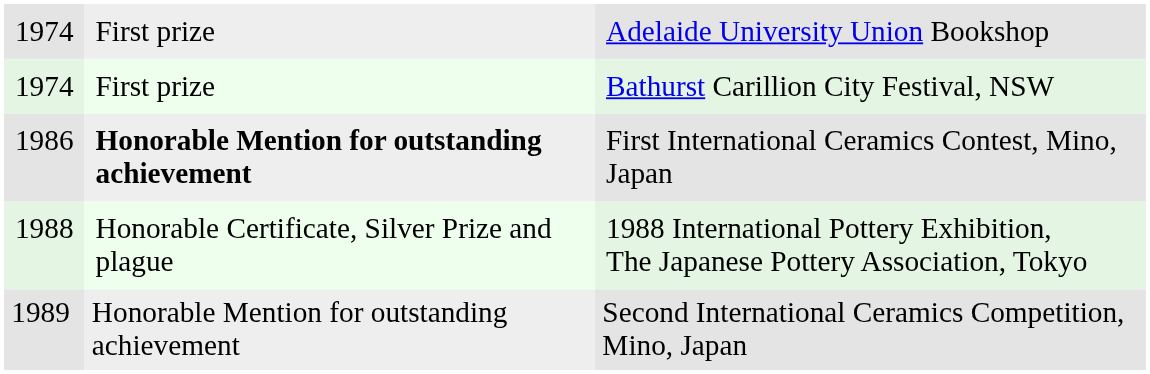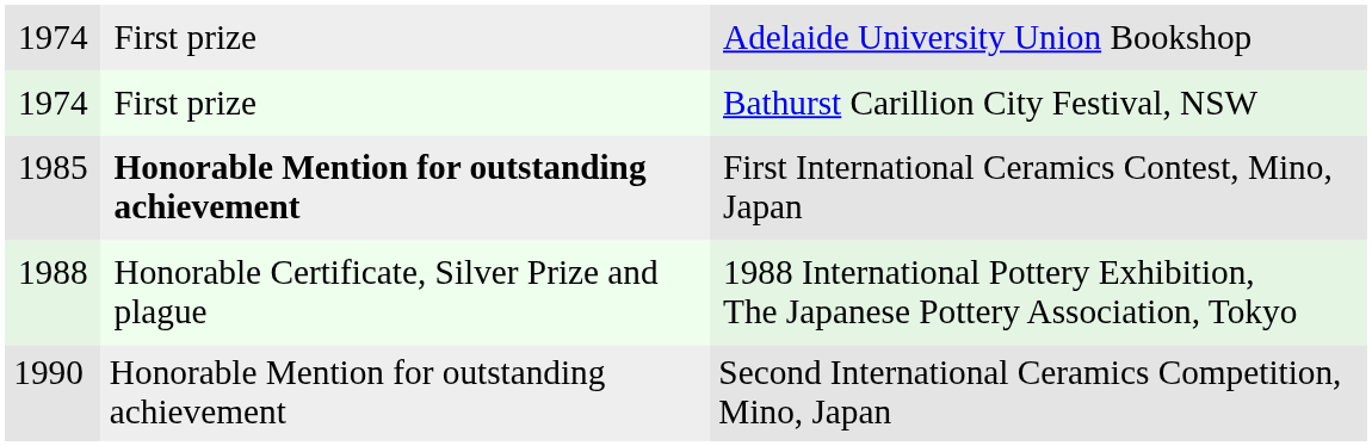 <table style="border-collapse:collapse; cellspacing:0px; cellpadding:0px;">
 <tr>
 <td style="padding:6px; background-color:#E4E4E4; vertical-align:top;">1974</td>
 <td style="padding:6px; background-color:#EEEEEE; vertical-align:top;">First prize</td>
 <td style="padding:6px; background-color:#E4E4E4; vertical-align:top;"><a href='#'>Adelaide University Union</a> Bookshop</td>
 </tr>
 <tr>
 <td style="padding:6px; background-color:#E4F5E4; vertical-align:top;">1974</td>
 <td style="padding:6px; background-color:#EEFFEE; vertical-align:top;">First prize </td>
 <td style="padding:6px; background-color:#E4F5E4; vertical-align:top;"><a href='#'>Bathurst</a> Carillion City Festival, NSW</td>
 </tr>
 <tr>
-<td style="padding:6px; background-color:#E4E4E4; vertical-align:top;">1986</td>
+<td style="padding:6px; background-color:#E4E4E4; vertical-align:top;">1985</td>
 <td style="padding:6px; background-color:#EEEEEE; vertical-align:top;"><strong>Honorable Mention  for outstanding achievement</strong></td>
 <td style="padding:6px; background-color:#E4E4E4; vertical-align:top;">First International Ceramics Contest, Mino, Japan </td>
 </tr>
 <tr>
 <td style="padding:6px; background-color:#E4F5E4; vertical-align:top;">1988</td>
 <td style="padding:6px; background-color:#EEFFEE; vertical-align:top;">Honorable Certificate, Silver Prize  and plague </td>
 <td style="padding:6px; background-color:#E4F5E4; vertical-align:top;">1988 International Pottery Exhibition,<br>The Japanese Pottery Association, Tokyo</td>
 </tr>
 <tr>
-<td style="padding:4px; background-color:#E4E4E4; vertical-align:top;">1989</td>
+<td style="padding:4px; background-color:#E4E4E4; vertical-align:top;">1990</td>
 <td style="padding:4px; background-color:#EEEEEE; vertical-align:top;">Honorable Mention  for outstanding achievement</td>
 <td style="padding:4px; background-color:#E4E4E4; vertical-align:top;">Second International Ceramics Competition, Mino, Japan </td>
 </tr>
 </table>
